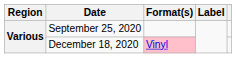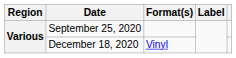 <table class="wikitable plainrowheaders">
 <tr>
 <th scope="col">Region</th>
 <th scope="col">Date</th>
 <th scope="col">Format(s)</th>
 <th scope="col">Label</th>
 <th scope="col"></th>
 </tr>
 <tr>
 <th scope="row" rowspan="2">Various</th>
 <td>September 25, 2020</td>
 <td></td>
 <td rowspan="2"></td>
 <td align="center"></td>
 </tr>
 <tr>
 <td>December 18, 2020</td>
-<td style="background: pink;"><a href='#'>Vinyl</a></td>
+<td><a href='#'>Vinyl</a></td>
 <td align="center"></td>
 </tr>
 </table>
